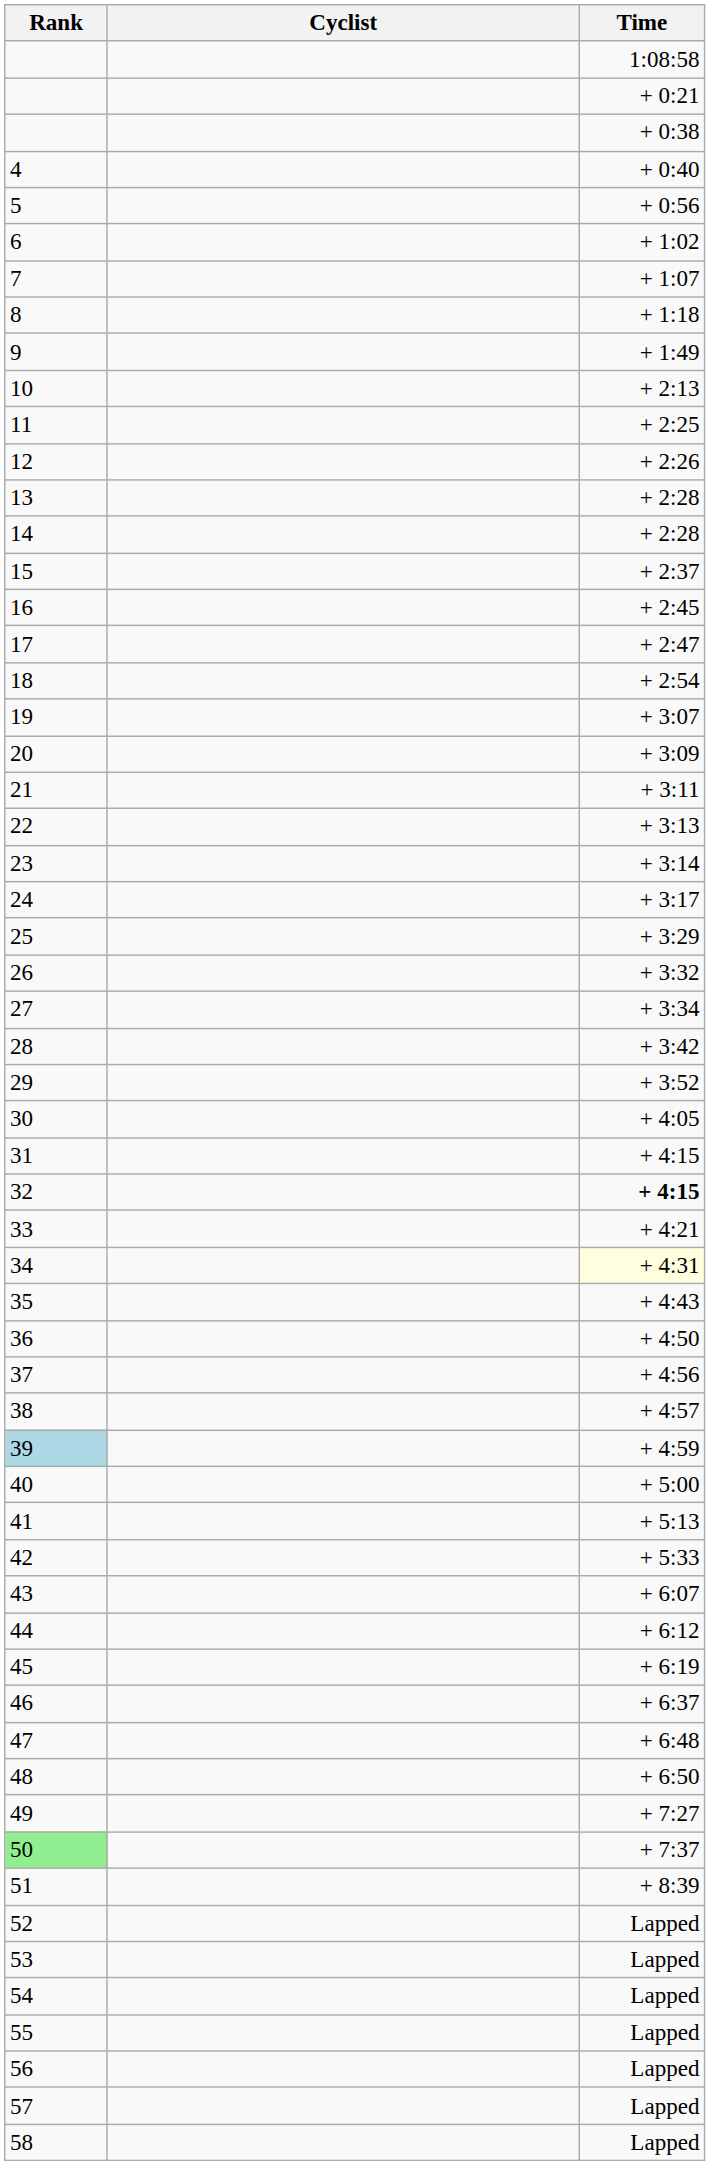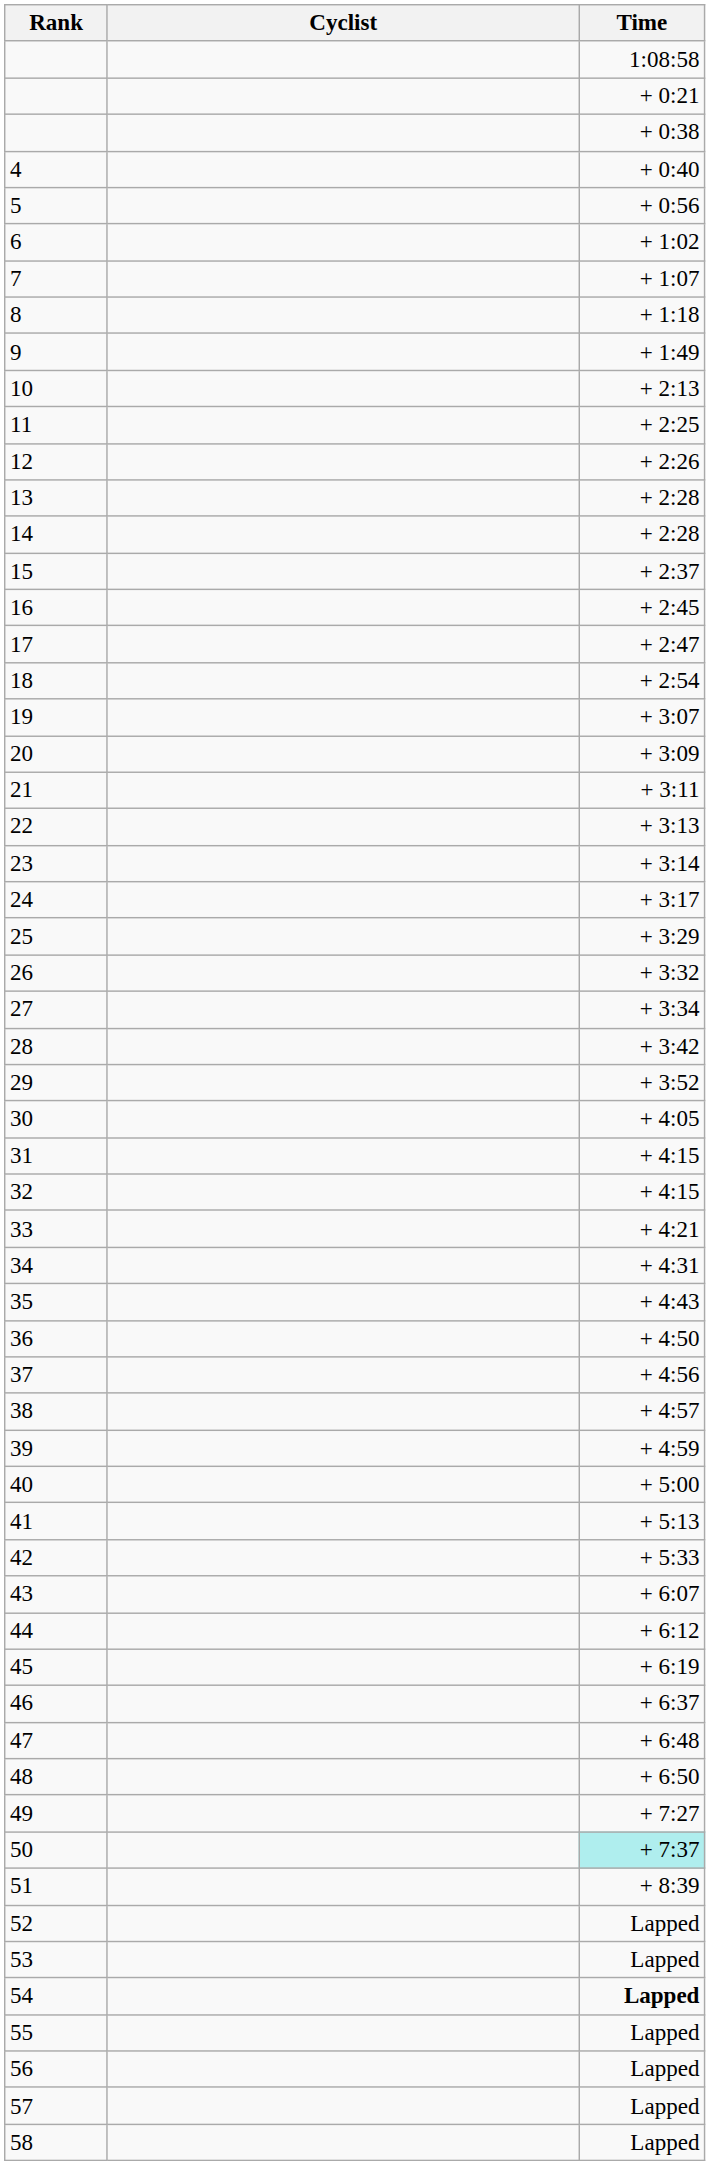 <table class="wikitable">
 <tr>
 <th style="width: 4em;">Rank</th>
 <th style="width: 20em;">Cyclist</th>
 <th style="width: 5em;">Time</th>
 </tr>
 <tr>
 <td></td>
 <td></td>
 <td align="right">1:08:58</td>
 </tr>
 <tr>
 <td></td>
 <td></td>
 <td align="right">+ 0:21</td>
 </tr>
 <tr>
 <td></td>
 <td></td>
 <td align="right">+ 0:38</td>
 </tr>
 <tr>
 <td>4</td>
 <td></td>
 <td align="right">+ 0:40</td>
 </tr>
 <tr>
 <td>5</td>
 <td></td>
 <td align="right">+ 0:56</td>
 </tr>
 <tr>
 <td>6</td>
 <td></td>
 <td align="right">+ 1:02</td>
 </tr>
 <tr>
 <td>7</td>
 <td></td>
 <td align="right">+ 1:07</td>
 </tr>
 <tr>
 <td>8</td>
 <td></td>
 <td align="right">+ 1:18</td>
 </tr>
 <tr>
 <td>9</td>
 <td></td>
 <td align="right">+ 1:49</td>
 </tr>
 <tr>
 <td>10</td>
 <td></td>
 <td align="right">+ 2:13</td>
 </tr>
 <tr>
 <td>11</td>
 <td></td>
 <td align="right">+ 2:25</td>
 </tr>
 <tr>
 <td>12</td>
 <td></td>
 <td align="right">+ 2:26</td>
 </tr>
 <tr>
 <td>13</td>
 <td></td>
 <td align="right">+ 2:28</td>
 </tr>
 <tr>
 <td>14</td>
 <td></td>
 <td align="right">+ 2:28</td>
 </tr>
 <tr>
 <td>15</td>
 <td></td>
 <td align="right">+ 2:37</td>
 </tr>
 <tr>
 <td>16</td>
 <td></td>
 <td align="right">+ 2:45</td>
 </tr>
 <tr>
 <td>17</td>
 <td></td>
 <td align="right">+ 2:47</td>
 </tr>
 <tr>
 <td>18</td>
 <td></td>
 <td align="right">+ 2:54</td>
 </tr>
 <tr>
 <td>19</td>
 <td></td>
 <td align="right">+ 3:07</td>
 </tr>
 <tr>
 <td>20</td>
 <td></td>
 <td align="right">+ 3:09</td>
 </tr>
 <tr>
 <td>21</td>
 <td></td>
 <td align="right">+ 3:11</td>
 </tr>
 <tr>
 <td>22</td>
 <td></td>
 <td align="right">+ 3:13</td>
 </tr>
 <tr>
 <td>23</td>
 <td></td>
 <td align="right">+ 3:14</td>
 </tr>
 <tr>
 <td>24</td>
 <td></td>
 <td align="right">+ 3:17</td>
 </tr>
 <tr>
 <td>25</td>
 <td></td>
 <td align="right">+ 3:29</td>
 </tr>
 <tr>
 <td>26</td>
 <td></td>
 <td align="right">+ 3:32</td>
 </tr>
 <tr>
 <td>27</td>
 <td></td>
 <td align="right">+ 3:34</td>
 </tr>
 <tr>
 <td>28</td>
 <td></td>
 <td align="right">+ 3:42</td>
 </tr>
 <tr>
 <td>29</td>
 <td></td>
 <td align="right">+ 3:52</td>
 </tr>
 <tr>
 <td>30</td>
 <td></td>
 <td align="right">+ 4:05</td>
 </tr>
 <tr>
 <td>31</td>
 <td></td>
 <td align="right">+ 4:15</td>
 </tr>
 <tr>
 <td>32</td>
 <td></td>
-<td align="right"><strong>+ 4:15</strong></td>
+<td align="right">+ 4:15</td>
 </tr>
 <tr>
 <td>33</td>
 <td></td>
 <td align="right">+ 4:21</td>
 </tr>
 <tr>
 <td>34</td>
 <td></td>
-<td align="right" style="background: lightyellow;">+ 4:31</td>
+<td align="right">+ 4:31</td>
 </tr>
 <tr>
 <td>35</td>
 <td></td>
 <td align="right">+ 4:43</td>
 </tr>
 <tr>
 <td>36</td>
 <td></td>
 <td align="right">+ 4:50</td>
 </tr>
 <tr>
 <td>37</td>
 <td></td>
 <td align="right">+ 4:56</td>
 </tr>
 <tr>
 <td>38</td>
 <td></td>
 <td align="right">+ 4:57</td>
 </tr>
 <tr>
-<td style="background: lightblue;">39</td>
+<td>39</td>
 <td></td>
 <td align="right">+ 4:59</td>
 </tr>
 <tr>
 <td>40</td>
 <td></td>
 <td align="right">+ 5:00</td>
 </tr>
 <tr>
 <td>41</td>
 <td></td>
 <td align="right">+ 5:13</td>
 </tr>
 <tr>
 <td>42</td>
 <td></td>
 <td align="right">+ 5:33</td>
 </tr>
 <tr>
 <td>43</td>
 <td></td>
 <td align="right">+ 6:07</td>
 </tr>
 <tr>
 <td>44</td>
 <td></td>
 <td align="right">+ 6:12</td>
 </tr>
 <tr>
 <td>45</td>
 <td></td>
 <td align="right">+ 6:19</td>
 </tr>
 <tr>
 <td>46</td>
 <td></td>
 <td align="right">+ 6:37</td>
 </tr>
 <tr>
 <td>47</td>
 <td></td>
 <td align="right">+ 6:48</td>
 </tr>
 <tr>
 <td>48</td>
 <td></td>
 <td align="right">+ 6:50</td>
 </tr>
 <tr>
 <td>49</td>
 <td></td>
 <td align="right">+ 7:27</td>
 </tr>
 <tr>
-<td style="background: lightgreen;">50</td>
+<td>50</td>
 <td></td>
-<td align="right">+ 7:37</td>
+<td align="right" style="background: paleturquoise;">+ 7:37</td>
 </tr>
 <tr>
 <td>51</td>
 <td></td>
 <td align="right">+ 8:39</td>
 </tr>
 <tr>
 <td>52</td>
 <td></td>
 <td align="right">Lapped</td>
 </tr>
 <tr>
 <td>53</td>
 <td></td>
 <td align="right">Lapped</td>
 </tr>
 <tr>
 <td>54</td>
 <td></td>
-<td align="right">Lapped</td>
+<td align="right"><strong>Lapped</strong></td>
 </tr>
 <tr>
 <td>55</td>
 <td></td>
 <td align="right">Lapped</td>
 </tr>
 <tr>
 <td>56</td>
 <td></td>
 <td align="right">Lapped</td>
 </tr>
 <tr>
 <td>57</td>
 <td></td>
 <td align="right">Lapped</td>
 </tr>
 <tr>
 <td>58</td>
 <td></td>
 <td align="right">Lapped</td>
 </tr>
 </table>
